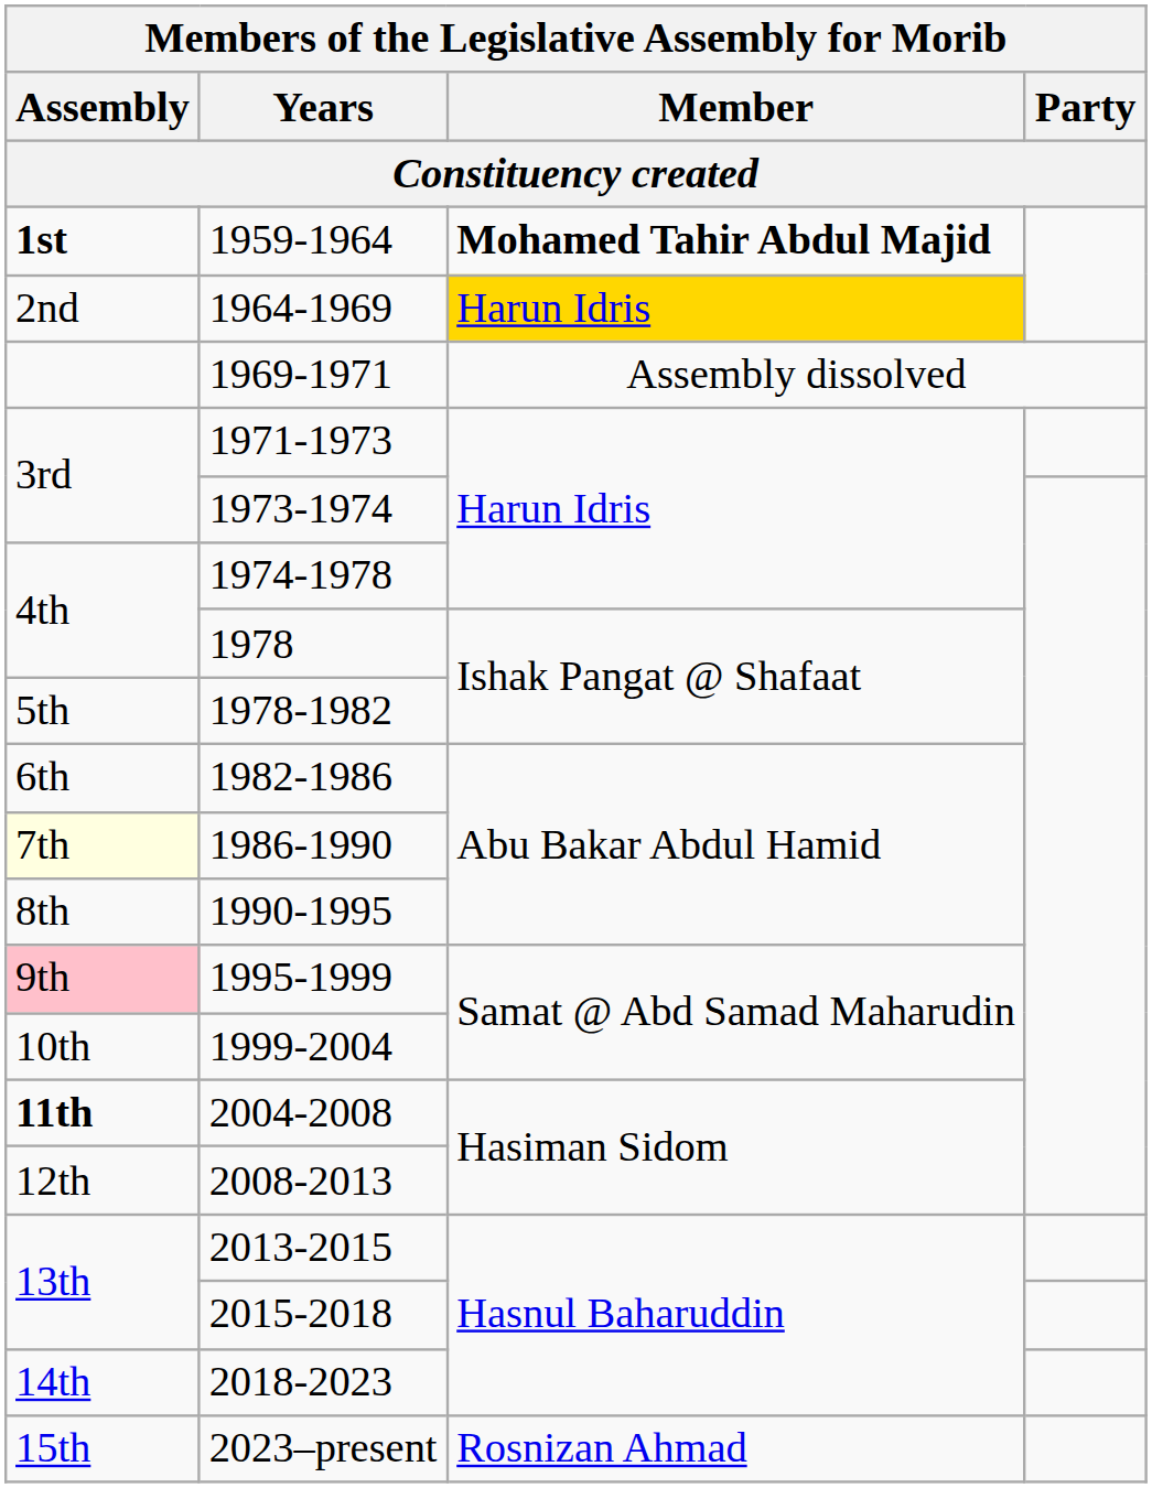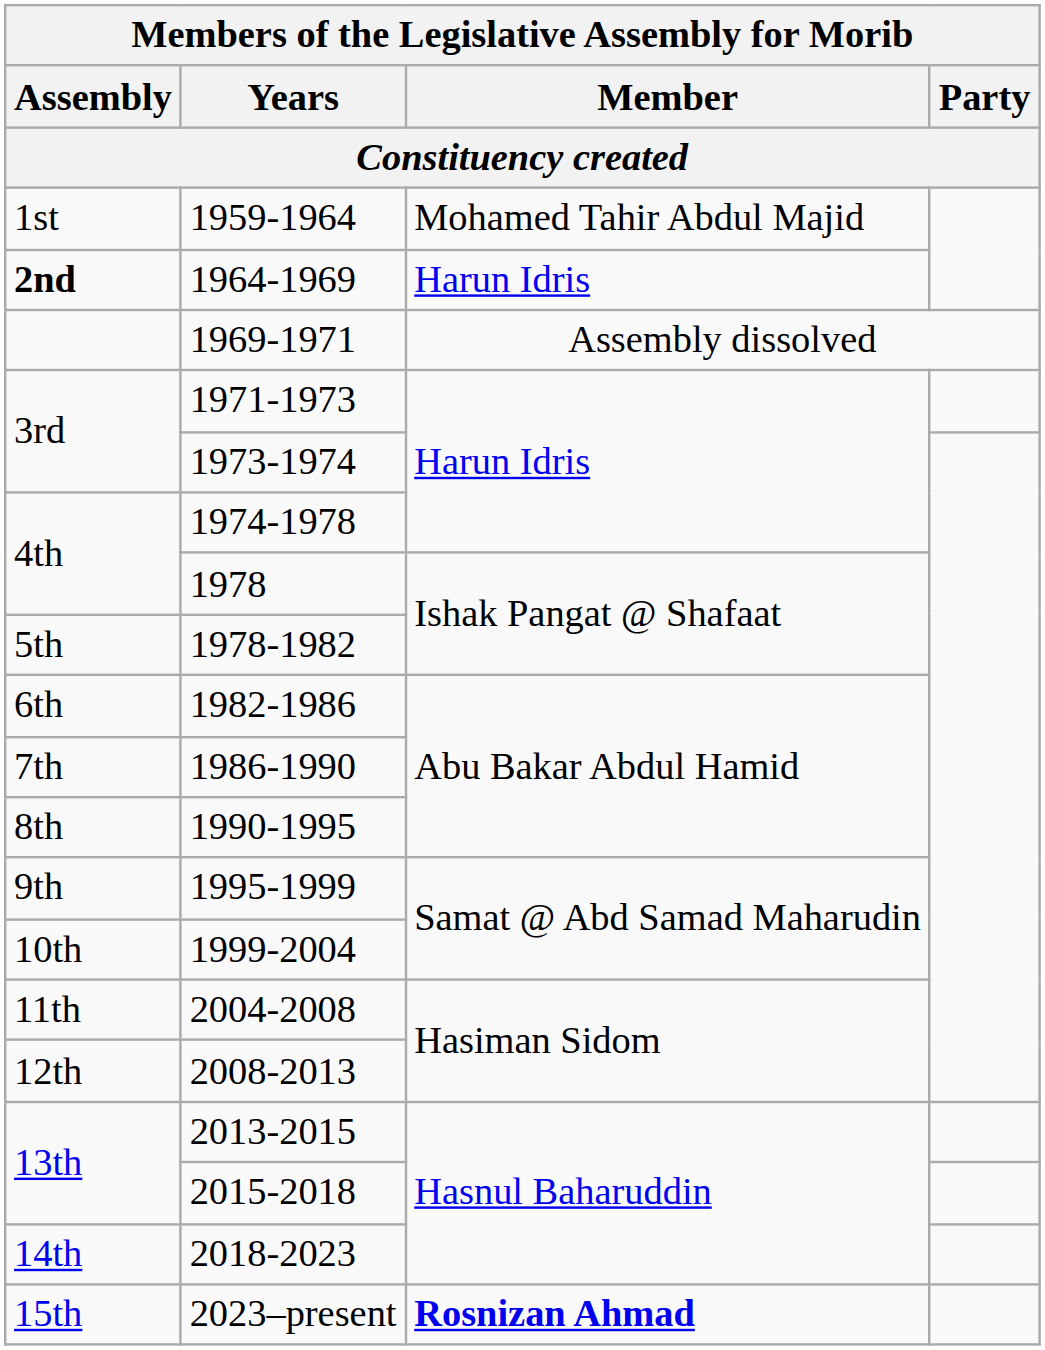 <table class=wikitable>
 <tr>
 <th colspan=4>Members of the Legislative Assembly for Morib</th>
 </tr>
 <tr>
 <th>Assembly</th>
 <th>Years</th>
 <th>Member</th>
 <th>Party</th>
 </tr>
 <tr>
 <th colspan=4 align=center><em>Constituency created</em></th>
 </tr>
 <tr>
-<td><strong>1st</strong></td>
+<td>1st</td>
 <td>1959-1964</td>
-<td><strong>Mohamed Tahir Abdul Majid</strong></td>
+<td>Mohamed Tahir Abdul Majid</td>
 <td rowspan=2></td>
 </tr>
 <tr>
-<td>2nd</td>
+<td><strong>2nd</strong></td>
 <td>1964-1969</td>
-<td style="background: gold;"><a href='#'>Harun Idris</a></td>
+<td><a href='#'>Harun Idris</a></td>
 </tr>
 <tr>
 <td></td>
 <td>1969-1971</td>
 <td colspan=2 align=center>Assembly dissolved</td>
 </tr>
 <tr>
 <td rowspan=2>3rd</td>
 <td>1971-1973</td>
 <td rowspan=3><a href='#'>Harun Idris</a></td>
 <td></td>
 </tr>
 <tr>
 <td>1973-1974</td>
 <td rowspan=11></td>
 </tr>
 <tr>
 <td rowspan=2>4th</td>
 <td>1974-1978</td>
 </tr>
 <tr>
 <td>1978</td>
 <td rowspan=2>Ishak Pangat @ Shafaat</td>
 </tr>
 <tr>
 <td>5th</td>
 <td>1978-1982</td>
 </tr>
 <tr>
 <td>6th</td>
 <td>1982-1986</td>
 <td rowspan=3>Abu Bakar Abdul Hamid</td>
 </tr>
 <tr>
-<td style="background: lightyellow;">7th</td>
+<td>7th</td>
 <td>1986-1990</td>
 </tr>
 <tr>
 <td>8th</td>
 <td>1990-1995</td>
 </tr>
 <tr>
-<td style="background: pink;">9th</td>
+<td>9th</td>
 <td>1995-1999</td>
 <td rowspan=2>Samat @ Abd Samad Maharudin</td>
 </tr>
 <tr>
 <td>10th</td>
 <td>1999-2004</td>
 </tr>
 <tr>
-<td><strong>11th</strong></td>
+<td>11th</td>
 <td>2004-2008</td>
 <td rowspan=2>Hasiman Sidom</td>
 </tr>
 <tr>
 <td>12th</td>
 <td>2008-2013</td>
 </tr>
 <tr>
 <td rowspan=2><a href='#'>13th</a></td>
 <td>2013-2015</td>
 <td rowspan=3><a href='#'>Hasnul Baharuddin</a></td>
 <td></td>
 </tr>
 <tr>
 <td>2015-2018</td>
 <td></td>
 </tr>
 <tr>
 <td><a href='#'>14th</a></td>
 <td>2018-2023</td>
 <td></td>
 </tr>
 <tr>
 <td><a href='#'>15th</a></td>
 <td>2023–present</td>
-<td><a href='#'>Rosnizan Ahmad</a></td>
+<td><strong><a href='#'>Rosnizan Ahmad</a></strong></td>
 <td></td>
 </tr>
 </table>
